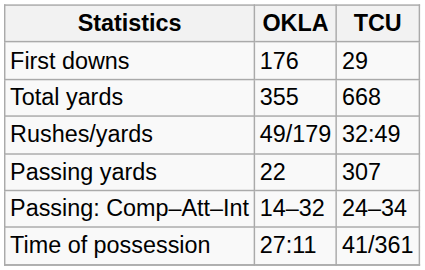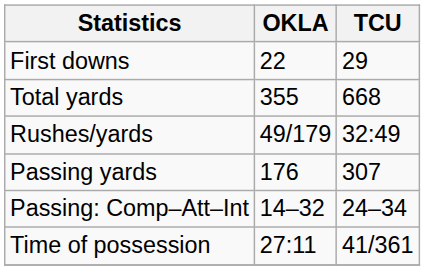 <table class="wikitable" style="float: left;">
 <tr>
 <th>Statistics</th>
 <th>OKLA</th>
 <th>TCU</th>
 </tr>
 <tr>
 <td>First downs</td>
-<td>176</td>
+<td>22</td>
 <td>29</td>
 </tr>
 <tr>
 <td>Total yards</td>
 <td>355</td>
 <td>668</td>
 </tr>
 <tr>
 <td>Rushes/yards</td>
 <td>49/179</td>
 <td>32:49</td>
 </tr>
 <tr>
 <td>Passing yards</td>
-<td>22</td>
+<td>176</td>
 <td>307</td>
 </tr>
 <tr>
 <td>Passing: Comp–Att–Int</td>
 <td>14–32</td>
 <td>24–34</td>
 </tr>
 <tr>
 <td>Time of possession</td>
 <td>27:11</td>
 <td>41/361</td>
 </tr>
 <tr>
 </tr>
 </table>
